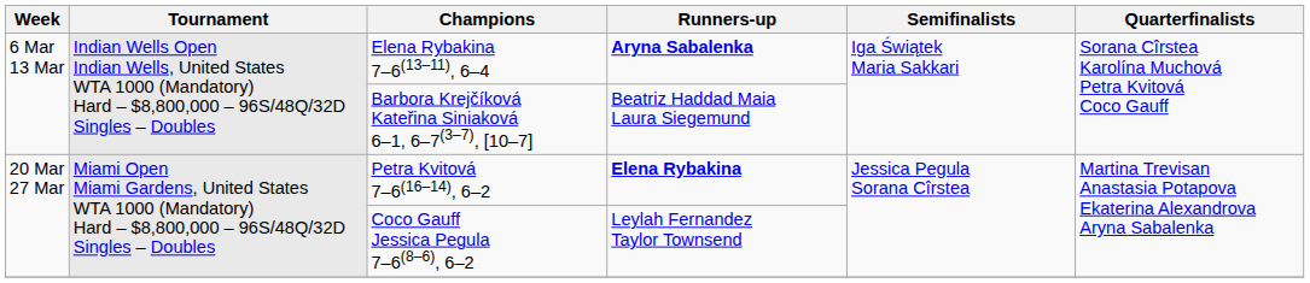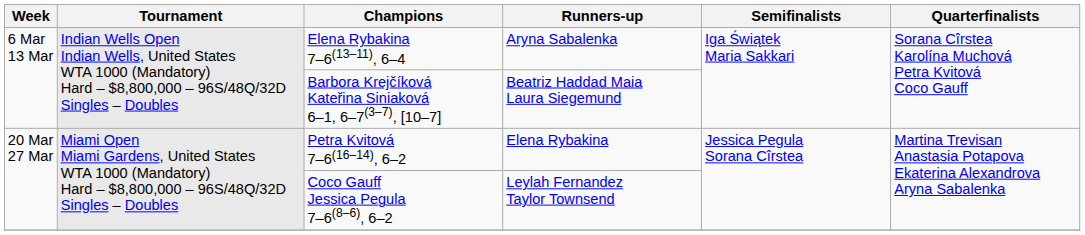 <table class=wikitable style=font-size:95%>
 <tr>
 <th style="width:48px;">Week</th>
 <th style="width:250px;">Tournament</th>
 <th style="width:200px;">Champions</th>
 <th style="width:200px;">Runners-up</th>
 <th style="width:190px;">Semifinalists</th>
 <th style="width:190px;">Quarterfinalists</th>
 </tr>
 <tr style="vertical-align:top">
 <td rowspan="2">6 Mar <br>13 Mar</td>
 <td style="background:#e9e9e9;" rowspan="2"><a href='#'>Indian Wells Open</a><br><a href='#'>Indian Wells</a>, United States<br>WTA 1000 (Mandatory)<br>Hard – $8,800,000 – 96S/48Q/32D<br><a href='#'>Singles</a> – <a href='#'>Doubles</a></td>
 <td> <a href='#'>Elena Rybakina</a><br>7–6<sup>(13–11)</sup>, 6–4</td>
-<td><strong> <a href='#'>Aryna Sabalenka</a></strong></td>
+<td> <a href='#'>Aryna Sabalenka</a></td>
 <td rowspan=2> <a href='#'>Iga Świątek</a><br> <a href='#'>Maria Sakkari</a></td>
 <td rowspan="2"> <a href='#'>Sorana Cîrstea</a><br> <a href='#'>Karolína Muchová</a><br> <a href='#'>Petra Kvitová</a><br> <a href='#'>Coco Gauff</a></td>
 </tr>
 <tr style="vertical-align:top">
 <td> <a href='#'>Barbora Krejčíková</a><br> <a href='#'>Kateřina Siniaková</a><br>6–1, 6–7<sup>(3–7)</sup>, [10–7]</td>
 <td> <a href='#'>Beatriz Haddad Maia</a><br> <a href='#'>Laura Siegemund</a></td>
 </tr>
 <tr style="vertical-align:top">
 <td rowspan="2">20 Mar <br>27 Mar</td>
 <td style="background:#e9e9e9;" rowspan="2"><a href='#'>Miami Open</a><br><a href='#'>Miami Gardens</a>, United States<br>WTA 1000 (Mandatory)<br>Hard – $8,800,000 – 96S/48Q/32D<br><a href='#'>Singles</a> – <a href='#'>Doubles</a></td>
 <td> <a href='#'>Petra Kvitová</a><br>7–6<sup>(16–14)</sup>, 6–2</td>
-<td><strong> <a href='#'>Elena Rybakina</a></strong></td>
+<td> <a href='#'>Elena Rybakina</a></td>
 <td rowspan=2> <a href='#'>Jessica Pegula</a><br> <a href='#'>Sorana Cîrstea</a></td>
 <td rowspan=2> <a href='#'>Martina Trevisan</a><br> <a href='#'>Anastasia Potapova</a><br> <a href='#'>Ekaterina Alexandrova</a><br> <a href='#'>Aryna Sabalenka</a></td>
 </tr>
 <tr style="vertical-align:top">
 <td> <a href='#'>Coco Gauff</a><br> <a href='#'>Jessica Pegula</a><br> 7–6<sup>(8–6)</sup>, 6–2</td>
 <td> <a href='#'>Leylah Fernandez</a><br> <a href='#'>Taylor Townsend</a></td>
 </tr>
 <tr>
 </tr>
 </table>
